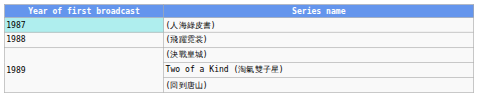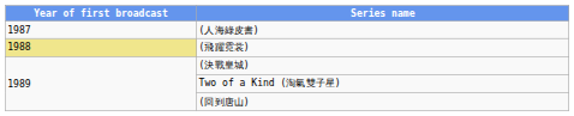 <table class="wikitable" width="60%">
 <tr style="background:cornflowerblue; color:white" align=center>
 <td style="width:7%"><strong>Year of first broadcast</strong></td>
 <td style="width:15%"><strong>Series name</strong></td>
 </tr>
 <tr>
-<td style="background: paleturquoise;">1987</td>
+<td>1987</td>
 <td>(人海綠皮書)</td>
 </tr>
 <tr>
-<td>1988</td>
+<td style="background: khaki;">1988</td>
 <td>(飛躍霓裳)</td>
 </tr>
 <tr>
 <td rowspan="3">1989</td>
 <td>(決戰皇城)</td>
 </tr>
 <tr>
 <td>Two of a Kind (淘氣雙子星)</td>
 </tr>
 <tr>
 <td>(回到唐山)</td>
 </tr>
 </table>
